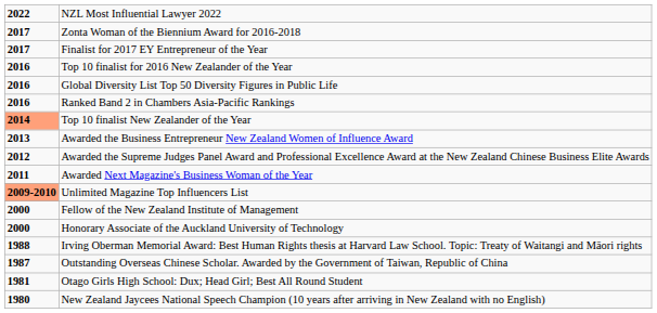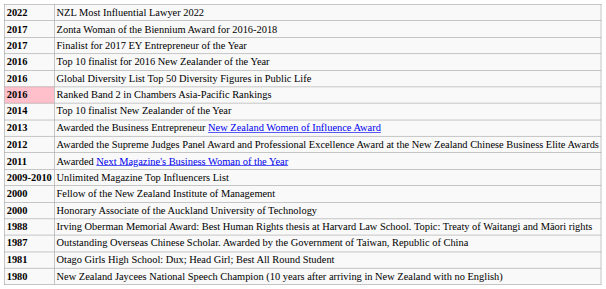 <table class="wikitable">
 <tr>
 <td><strong>2022</strong></td>
 <td>NZL Most Influential Lawyer 2022 </td>
 </tr>
 <tr>
 <td><strong>2017</strong></td>
 <td>Zonta Woman of the Biennium Award for 2016-2018</td>
 </tr>
 <tr>
 <td><strong>2017</strong></td>
 <td>Finalist for 2017 EY Entrepreneur of the Year</td>
 </tr>
 <tr>
 <td><strong>2016</strong></td>
 <td>Top 10 finalist for 2016 New Zealander of the Year</td>
 </tr>
 <tr>
 <td><strong>2016</strong></td>
 <td>Global Diversity List Top 50 Diversity Figures in Public Life</td>
 </tr>
 <tr>
-<td><strong>2016</strong></td>
+<td style="background: pink;"><strong>2016</strong></td>
 <td>Ranked Band 2 in Chambers Asia-Pacific Rankings</td>
 </tr>
 <tr>
-<td style="background: lightsalmon;"><strong>2014</strong></td>
+<td><strong>2014</strong></td>
 <td>Top 10 finalist New Zealander of the Year</td>
 </tr>
 <tr>
 <td><strong>2013</strong></td>
 <td>Awarded the Business Entrepreneur <a href='#'>New Zealand Women of Influence Award</a></td>
 </tr>
 <tr>
 <td><strong>2012</strong></td>
 <td>Awarded the Supreme Judges Panel Award and Professional Excellence Award at the New Zealand Chinese Business Elite Awards</td>
 </tr>
 <tr>
 <td><strong>2011</strong></td>
 <td>Awarded <a href='#'>Next Magazine's Business Woman of the Year</a></td>
 </tr>
 <tr>
-<td style="background: lightsalmon;"><strong>2009-2010</strong></td>
+<td><strong>2009-2010</strong></td>
 <td>Unlimited Magazine Top Influencers List</td>
 </tr>
 <tr>
 <td><strong>2000</strong></td>
 <td>Fellow of the New Zealand Institute of Management</td>
 </tr>
 <tr>
 <td><strong>2000</strong></td>
 <td>Honorary Associate of the Auckland University of Technology</td>
 </tr>
 <tr>
 <td><strong>1988</strong></td>
 <td>Irving Oberman Memorial Award: Best Human Rights thesis at Harvard Law School.  Topic: Treaty of Waitangi and Māori rights</td>
 </tr>
 <tr>
 <td><strong>1987</strong></td>
 <td>Outstanding Overseas Chinese Scholar.  Awarded by the Government of Taiwan, Republic of China</td>
 </tr>
 <tr>
 <td><strong>1981</strong></td>
 <td>Otago Girls High School: Dux; Head Girl; Best All Round Student</td>
 </tr>
 <tr>
 <td><strong>1980</strong></td>
 <td>New Zealand Jaycees National Speech Champion (10 years after arriving in New Zealand with no English)</td>
 </tr>
 </table>
